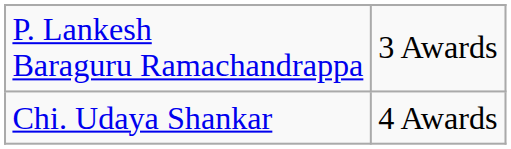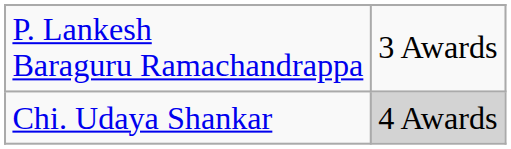 <table class="wikitable sortable">
 <tr>
 <td><a href='#'>P. Lankesh</a> <br>  <a href='#'>Baraguru Ramachandrappa</a></td>
 <td>3 Awards</td>
 </tr>
 <tr>
 <td><a href='#'>Chi. Udaya Shankar</a></td>
-<td>4 Awards</td>
+<td style="background: lightgrey;">4 Awards</td>
 </tr>
 </table>
